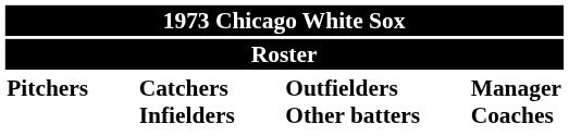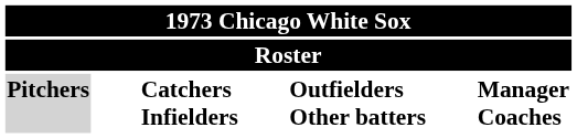 <table class="toccolours" style="font-size: 95%;">
 <tr>
 <th colspan="10" style="background-color: black; color: white; text-align: center;">1973 Chicago White Sox</th>
 </tr>
 <tr>
 <td colspan="10" style="background-color: black; color: white; text-align: center;"><strong>Roster</strong></td>
 </tr>
 <tr>
-<td valign="top"><strong>Pitchers</strong><br>              </td>
+<td valign="top" style="background: lightgrey;"><strong>Pitchers</strong><br>              </td>
 <td width="25px"></td>
 <td valign="top"><strong>Catchers</strong><br>   <strong>Infielders</strong>           </td>
 <td width="25px"></td>
 <td valign="top"><strong>Outfielders</strong><br>         <strong>Other batters</strong> </td>
 <td width="25px"></td>
 <td valign="top"><strong>Manager</strong><br> <strong>Coaches</strong>    </td>
 </tr>
 </table>
